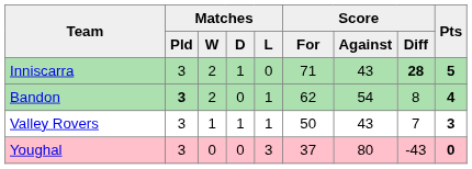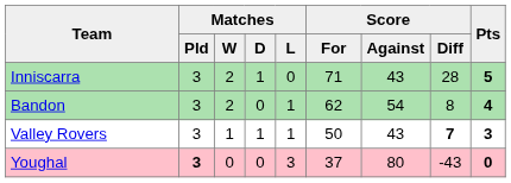 <table style=border-collapse:collapse border=1 cellspacing=0 cellpadding=5>
 <tr align=center bgcolor=#efefef>
 <th rowspan=2 width=165>Team</th>
 <th colspan=4>Matches</th>
 <th colspan=3>Score</th>
 <th rowspan=2width=20>Pts</th>
 </tr>
 <tr align=center bgcolor=#efefef>
 <th width=20>Pld</th>
 <th width=20>W</th>
 <th width=20>D</th>
 <th width=20>L</th>
 <th width=45>For</th>
 <th width=45>Against</th>
 <th width=30>Diff</th>
 </tr>
 <tr align=center  style="background:#ACE1AF;">
 <td style="text-align:left;"><a href='#'>Inniscarra</a></td>
 <td>3</td>
 <td>2</td>
 <td>1</td>
 <td>0</td>
 <td>71</td>
 <td>43</td>
-<td><strong>28</strong></td>
+<td>28</td>
 <td><strong>5</strong></td>
 </tr>
 <tr align=center style="background:#ACE1AF;">
 <td style="text-align:left;"><a href='#'>Bandon</a></td>
-<td><strong>3</strong></td>
+<td>3</td>
 <td>2</td>
 <td>0</td>
 <td>1</td>
 <td>62</td>
 <td>54</td>
 <td>8</td>
 <td><strong>4</strong></td>
 </tr>
 <tr align=center>
 <td style="text-align:left;"><a href='#'>Valley Rovers</a></td>
 <td>3</td>
 <td>1</td>
 <td>1</td>
 <td>1</td>
 <td>50</td>
 <td>43</td>
-<td>7</td>
+<td><strong>7</strong></td>
 <td><strong>3</strong></td>
 </tr>
 <tr align=center style="background:#FFC0CB;">
 <td style="text-align:left;"><a href='#'>Youghal</a></td>
-<td>3</td>
+<td><strong>3</strong></td>
 <td>0</td>
 <td>0</td>
 <td>3</td>
 <td>37</td>
 <td>80</td>
 <td>-43</td>
 <td><strong>0</strong></td>
 </tr>
 </table>
